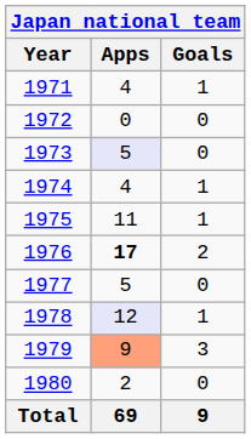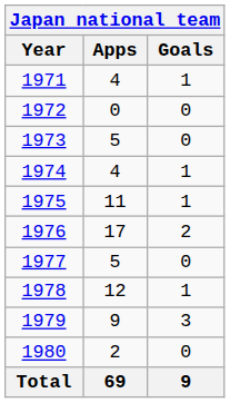 <table class="wikitable" style="text-align:center">
 <tr>
 <th colspan=3><a href='#'>Japan national team</a></th>
 </tr>
 <tr>
 <th>Year</th>
 <th>Apps</th>
 <th>Goals</th>
 </tr>
 <tr>
 <td><a href='#'>1971</a></td>
 <td>4</td>
 <td>1</td>
 </tr>
 <tr>
 <td><a href='#'>1972</a></td>
 <td>0</td>
 <td>0</td>
 </tr>
 <tr>
 <td><a href='#'>1973</a></td>
-<td style="background: lavender;">5</td>
+<td>5</td>
 <td>0</td>
 </tr>
 <tr>
 <td><a href='#'>1974</a></td>
 <td>4</td>
 <td>1</td>
 </tr>
 <tr>
 <td><a href='#'>1975</a></td>
 <td>11</td>
 <td>1</td>
 </tr>
 <tr>
 <td><a href='#'>1976</a></td>
-<td><strong>17</strong></td>
+<td>17</td>
 <td>2</td>
 </tr>
 <tr>
 <td><a href='#'>1977</a></td>
 <td>5</td>
 <td>0</td>
 </tr>
 <tr>
 <td><a href='#'>1978</a></td>
-<td style="background: lavender;">12</td>
+<td>12</td>
 <td>1</td>
 </tr>
 <tr>
 <td><a href='#'>1979</a></td>
-<td style="background: lightsalmon;">9</td>
+<td>9</td>
 <td>3</td>
 </tr>
 <tr>
 <td><a href='#'>1980</a></td>
 <td>2</td>
 <td>0</td>
 </tr>
 <tr>
 <th>Total</th>
 <th>69</th>
 <th>9</th>
 </tr>
 </table>
